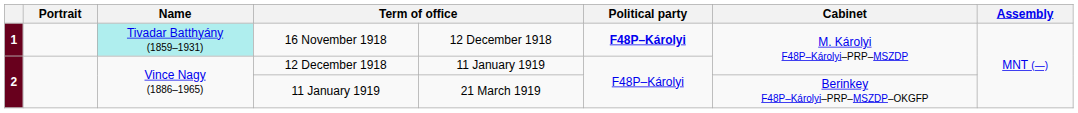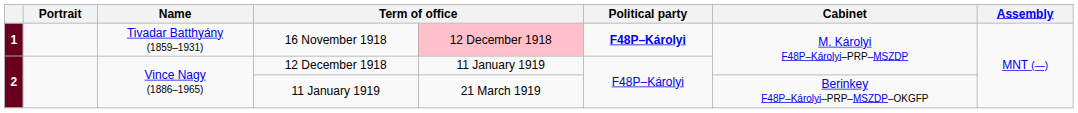 <table class="wikitable" style="width:90%; text-align:center;">
 <tr>
 <th></th>
 <th>Portrait</th>
 <th>Name<br></th>
 <th colspan=2>Term of office</th>
 <th>Political party</th>
 <th>Cabinet</th>
 <th><a href='#'>Assembly</a><br></th>
 </tr>
 <tr>
 <th style="background:#68001d; color:white;">1</th>
 <td></td>
-<td style="background: paleturquoise;"><a href='#'>Tivadar Batthyány</a><br><small>(1859–1931)</small></td>
+<td><a href='#'>Tivadar Batthyány</a><br><small>(1859–1931)</small></td>
 <td>16 November 1918</td>
-<td>12 December 1918</td>
+<td style="background: pink;">12 December 1918</td>
 <td><strong><a href='#'>F48P–Károlyi</a></strong></td>
 <td rowspan="2"><a href='#'>M. Károlyi</a><br><small><a href='#'>F48P–Károlyi</a>–PRP–<a href='#'>MSZDP</a></small></td>
 <td rowspan="3"><a href='#'>MNT <small>(—)</small></a></td>
 </tr>
 <tr>
 <th rowspan="2" style="background:#68001d; color:white;">2</th>
 <td rowspan="2"></td>
 <td rowspan="2"><a href='#'>Vince Nagy</a><br><small>(1886–1965)</small></td>
 <td>12 December 1918</td>
 <td>11 January 1919</td>
 <td rowspan="2"><a href='#'>F48P–Károlyi</a></td>
 </tr>
 <tr>
 <td>11 January 1919</td>
 <td>21 March 1919</td>
 <td><a href='#'>Berinkey</a><br><small><a href='#'>F48P–Károlyi</a>–PRP–<a href='#'>MSZDP</a>–OKGFP</small></td>
 </tr>
 </table>
